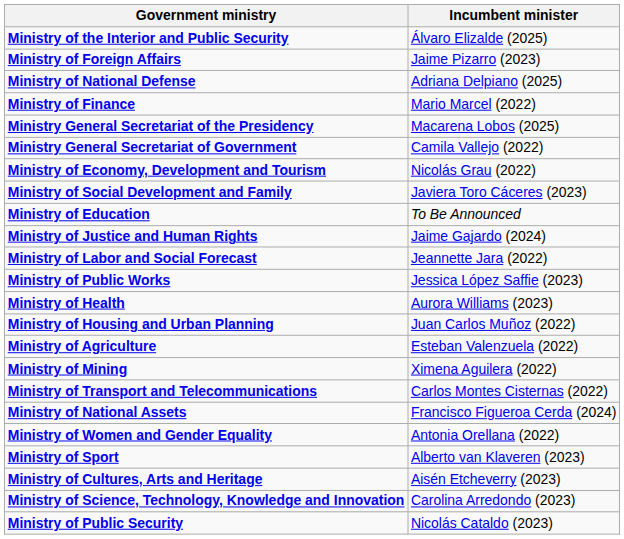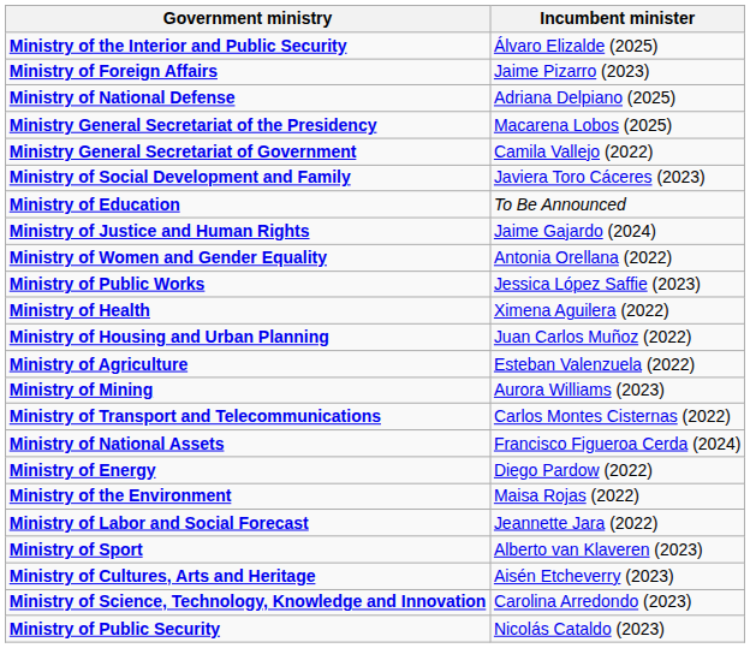 <table class="wikitable" style="font-size:90%;">
 <tr>
 <th>Government ministry</th>
 <th>Incumbent minister</th>
 </tr>
 <tr valign=top>
 <td><strong><a href='#'>Ministry of the Interior and Public Security</a></strong><br></td>
 <td><a href='#'>Álvaro Elizalde</a> (2025)</td>
 </tr>
 <tr valign=top>
 <td><strong><a href='#'>Ministry of Foreign Affairs</a></strong><br></td>
 <td><a href='#'>Jaime Pizarro</a> (2023)</td>
 </tr>
 <tr valign=top>
 <td><strong><a href='#'>Ministry of National Defense</a></strong><br></td>
 <td><a href='#'>Adriana Delpiano</a> (2025)</td>
 </tr>
 <tr valign=top>
-<td><strong><a href='#'>Ministry of Finance</a></strong><br></td>
-<td><a href='#'>Mario Marcel</a> (2022)</td>
-</tr>
-<tr valign=top>
 <td><strong><a href='#'>Ministry General Secretariat of the Presidency</a></strong><br></td>
 <td><a href='#'>Macarena Lobos</a> (2025)</td>
 </tr>
 <tr valign=top>
 <td><strong><a href='#'>Ministry General Secretariat of Government</a></strong><br></td>
 <td><a href='#'>Camila Vallejo</a> (2022)</td>
-</tr>
-<tr valign=top>
-<td><strong><a href='#'>Ministry of Economy, Development and Tourism</a></strong><br></td>
-<td><a href='#'>Nicolás Grau</a> (2022)</td>
 </tr>
 <tr valign=top>
 <td><strong><a href='#'>Ministry of Social Development and Family</a></strong><br></td>
 <td><a href='#'>Javiera Toro Cáceres</a> (2023)</td>
 </tr>
 <tr valign=top>
 <td><strong><a href='#'>Ministry of Education</a></strong><br></td>
 <td><em>To Be Announced</em></td>
 </tr>
 <tr valign=top>
 <td><strong><a href='#'>Ministry of Justice and Human Rights</a></strong><br></td>
 <td><a href='#'>Jaime Gajardo</a> (2024)</td>
 </tr>
 <tr valign=top>
-<td><strong><a href='#'>Ministry of Labor and Social Forecast</a></strong><br> </td>
-<td><a href='#'>Jeannette Jara</a> (2022)</td>
+<td><strong><a href='#'>Ministry of Women and Gender Equality</a></strong><br></td>
+<td><a href='#'>Antonia Orellana</a> (2022)</td>
 </tr>
 <tr valign=top>
 <td><strong><a href='#'>Ministry of Public Works</a></strong><br></td>
 <td><a href='#'>Jessica López Saffie</a> (2023)</td>
 </tr>
 <tr valign=top>
 <td><strong><a href='#'>Ministry of Health</a></strong><br></td>
-<td><a href='#'>Aurora Williams</a> (2023)</td>
+<td><a href='#'>Ximena Aguilera</a> (2022)</td>
 </tr>
 <tr valign=top>
 <td><strong><a href='#'>Ministry of Housing and Urban Planning</a></strong><br></td>
 <td><a href='#'>Juan Carlos Muñoz</a> (2022)</td>
 </tr>
 <tr valign=top>
 <td><strong><a href='#'>Ministry of Agriculture</a></strong><br></td>
 <td><a href='#'>Esteban Valenzuela</a> (2022)</td>
 </tr>
 <tr valign=top>
 <td><strong><a href='#'>Ministry of Mining</a></strong><br></td>
-<td><a href='#'>Ximena Aguilera</a> (2022)</td>
+<td><a href='#'>Aurora Williams</a> (2023)</td>
 </tr>
 <tr valign=top>
 <td><strong><a href='#'>Ministry of Transport and Telecommunications</a></strong><br></td>
 <td><a href='#'>Carlos Montes Cisternas</a> (2022)</td>
 </tr>
 <tr valign=top>
 <td><strong><a href='#'>Ministry of National Assets</a></strong><br></td>
 <td><a href='#'>Francisco Figueroa Cerda</a> (2024)</td>
 </tr>
 <tr valign=top>
-<td><strong><a href='#'>Ministry of Women and Gender Equality</a></strong><br></td>
-<td><a href='#'>Antonia Orellana</a> (2022)</td>
+<td><strong><a href='#'>Ministry of Energy</a></strong><br></td>
+<td><a href='#'>Diego Pardow</a> (2022)</td>
+</tr>
+<tr valign=top>
+<td><strong><a href='#'>Ministry of the Environment</a></strong><br></td>
+<td><a href='#'>Maisa Rojas</a> (2022)</td>
+</tr>
+<tr valign=top>
+<td><strong><a href='#'>Ministry of Labor and Social Forecast</a></strong><br> </td>
+<td><a href='#'>Jeannette Jara</a> (2022)</td>
 </tr>
 <tr valign=top>
 <td><strong><a href='#'>Ministry of Sport</a></strong><br></td>
 <td><a href='#'>Alberto van Klaveren</a> (2023)</td>
 </tr>
 <tr valign=top>
 <td><strong><a href='#'>Ministry of Cultures, Arts and Heritage</a></strong><br></td>
 <td><a href='#'>Aisén Etcheverry</a> (2023)</td>
 </tr>
 <tr valign=top>
 <td><strong><a href='#'>Ministry of Science, Technology, Knowledge and Innovation</a></strong><br></td>
 <td><a href='#'>Carolina Arredondo</a> (2023)</td>
 </tr>
 <tr valign=top>
 <td><strong><a href='#'>Ministry of Public Security</a></strong><br></td>
 <td><a href='#'>Nicolás Cataldo</a> (2023)</td>
 </tr>
 </table>
